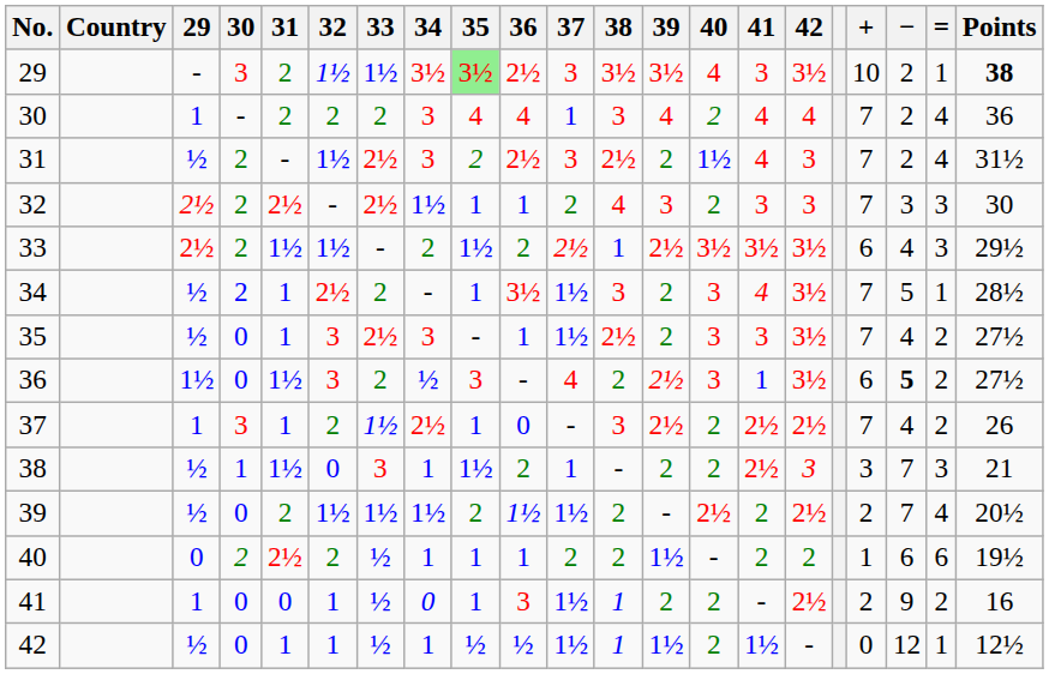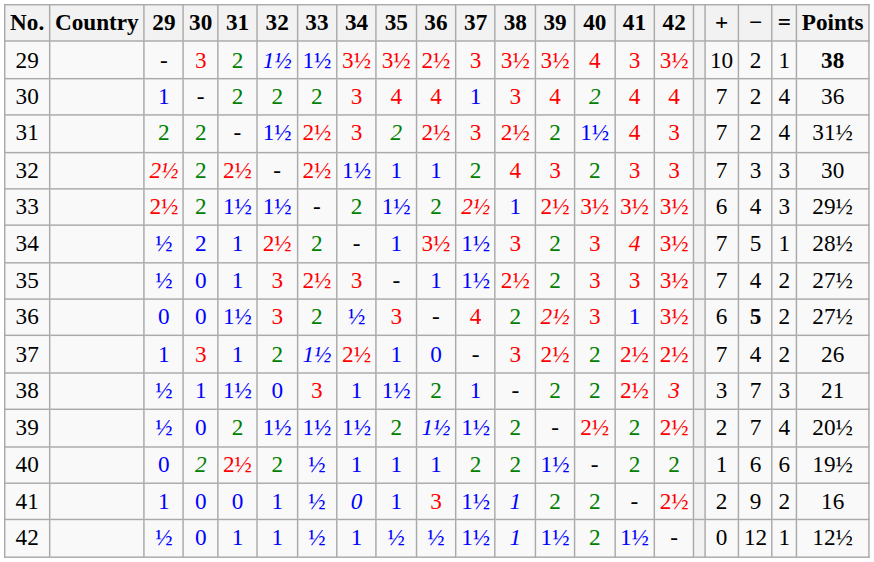 <table class="wikitable" style="text-align:center">
 <tr>
 <th>No.</th>
 <th>Country</th>
 <th>29</th>
 <th>30</th>
 <th>31</th>
 <th>32</th>
 <th>33</th>
 <th>34</th>
 <th>35</th>
 <th>36</th>
 <th>37</th>
 <th>38</th>
 <th>39</th>
 <th>40</th>
 <th>41</th>
 <th>42</th>
 <th></th>
 <th>+</th>
 <th>−</th>
 <th>=</th>
 <th>Points</th>
 </tr>
 <tr>
 <td>29</td>
 <td style="text-align: left"></td>
 <td>-</td>
 <td style="color:red;">3</td>
 <td style="color:green;">2</td>
 <td style="color:blue;"><em>1½</em></td>
 <td style="color:blue;">1½</td>
 <td style="color:red;">3½</td>
-<td style="background: lightgreen; color:red;">3½</td>
+<td style="color:red;">3½</td>
 <td style="color:red;">2½</td>
 <td style="color:red;">3</td>
 <td style="color:red;">3½</td>
 <td style="color:red;">3½</td>
 <td style="color:red;">4</td>
 <td style="color:red;">3</td>
 <td style="color:red;">3½</td>
 <th></th>
 <td>10</td>
 <td>2</td>
 <td>1</td>
 <td><strong>38</strong></td>
 </tr>
 <tr>
 <td>30</td>
 <td style="text-align: left"></td>
 <td style="color:blue;">1</td>
 <td>-</td>
 <td style="color:green;">2</td>
 <td style="color:green;">2</td>
 <td style="color:green;">2</td>
 <td style="color:red;">3</td>
 <td style="color:red;">4</td>
 <td style="color:red;">4</td>
 <td style="color:blue;">1</td>
 <td style="color:red;">3</td>
 <td style="color:red;">4</td>
 <td style="color:green;"><em>2</em></td>
 <td style="color:red;">4</td>
 <td style="color:red;">4</td>
 <th></th>
 <td>7</td>
 <td>2</td>
 <td>4</td>
 <td>36</td>
 </tr>
 <tr>
 <td>31</td>
 <td style="text-align: left"></td>
-<td style="color:blue;">½</td>
+<td style="color:green;">2</td>
 <td style="color:green;">2</td>
 <td>-</td>
 <td style="color:blue;">1½</td>
 <td style="color:red;">2½</td>
 <td style="color:red;">3</td>
 <td style="color:green;"><em>2</em></td>
 <td style="color:red;">2½</td>
 <td style="color:red;">3</td>
 <td style="color:red;">2½</td>
 <td style="color:green;">2</td>
 <td style="color:blue;">1½</td>
 <td style="color:red;">4</td>
 <td style="color:red;">3</td>
 <th></th>
 <td>7</td>
 <td>2</td>
 <td>4</td>
 <td>31½</td>
 </tr>
 <tr>
 <td>32</td>
 <td style="text-align: left"></td>
 <td style="color:red;"><em>2½</em></td>
 <td style="color:green;">2</td>
 <td style="color:red;">2½</td>
 <td>-</td>
 <td style="color:red;">2½</td>
 <td style="color:blue;">1½</td>
 <td style="color:blue;">1</td>
 <td style="color:blue;">1</td>
 <td style="color:green;">2</td>
 <td style="color:red;">4</td>
 <td style="color:red;">3</td>
 <td style="color:green;">2</td>
 <td style="color:red;">3</td>
 <td style="color:red;">3</td>
 <th></th>
 <td>7</td>
 <td>3</td>
 <td>3</td>
 <td>30</td>
 </tr>
 <tr>
 <td>33</td>
 <td style="text-align: left"></td>
 <td style="color:red;">2½</td>
 <td style="color:green;">2</td>
 <td style="color:blue;">1½</td>
 <td style="color:blue;">1½</td>
 <td>-</td>
 <td style="color:green;">2</td>
 <td style="color:blue;">1½</td>
 <td style="color:green;">2</td>
 <td style="color:red;"><em>2½</em></td>
 <td style="color:blue;">1</td>
 <td style="color:red;">2½</td>
 <td style="color:red;">3½</td>
 <td style="color:red;">3½</td>
 <td style="color:red;">3½</td>
 <th></th>
 <td>6</td>
 <td>4</td>
 <td>3</td>
 <td>29½</td>
 </tr>
 <tr>
 <td>34</td>
 <td style="text-align: left"></td>
 <td style="color:blue;">½</td>
 <td style="color:blue;">2</td>
 <td style="color:blue;">1</td>
 <td style="color:red;">2½</td>
 <td style="color:green;">2</td>
 <td>-</td>
 <td style="color:blue;">1</td>
 <td style="color:red;">3½</td>
 <td style="color:blue;">1½</td>
 <td style="color:red;">3</td>
 <td style="color:green;">2</td>
 <td style="color:red;">3</td>
 <td style="color:red;"><em>4</em></td>
 <td style="color:red;">3½</td>
 <th></th>
 <td>7</td>
 <td>5</td>
 <td>1</td>
 <td>28½</td>
 </tr>
 <tr>
 <td>35</td>
 <td style="text-align: left"></td>
 <td style="color:blue;">½</td>
 <td style="color:blue;">0</td>
 <td style="color:blue;">1</td>
 <td style="color:red;">3</td>
 <td style="color:red;">2½</td>
 <td style="color:red;">3</td>
 <td>-</td>
 <td style="color:blue;">1</td>
 <td style="color:blue;">1½</td>
 <td style="color:red;">2½</td>
 <td style="color:green;">2</td>
 <td style="color:red;">3</td>
 <td style="color:red;">3</td>
 <td style="color:red;">3½</td>
 <th></th>
 <td>7</td>
 <td>4</td>
 <td>2</td>
 <td>27½</td>
 </tr>
 <tr>
 <td>36</td>
 <td style="text-align: left"></td>
-<td style="color:blue;">1½</td>
+<td style="color:blue;">0</td>
 <td style="color:blue;">0</td>
 <td style="color:blue;">1½</td>
 <td style="color:red;">3</td>
 <td style="color:green;">2</td>
 <td style="color:blue;">½</td>
 <td style="color:red;">3</td>
 <td>-</td>
 <td style="color:red;">4</td>
 <td style="color:green;">2</td>
 <td style="color:red;"><em>2½</em></td>
 <td style="color:red;">3</td>
 <td style="color:blue;">1</td>
 <td style="color:red;">3½</td>
 <th></th>
 <td>6</td>
 <td><strong>5</strong></td>
 <td>2</td>
 <td>27½</td>
 </tr>
 <tr>
 <td>37</td>
 <td style="text-align: left"></td>
 <td style="color:blue;">1</td>
 <td style="color:red;">3</td>
 <td style="color:blue;">1</td>
 <td style="color:green;">2</td>
 <td style="color:blue;"><em>1½</em></td>
 <td style="color:red;">2½</td>
 <td style="color:blue;">1</td>
 <td style="color:blue;">0</td>
 <td>-</td>
 <td style="color:red;">3</td>
 <td style="color:red;">2½</td>
 <td style="color:green;">2</td>
 <td style="color:red;">2½</td>
 <td style="color:red;">2½</td>
 <th></th>
 <td>7</td>
 <td>4</td>
 <td>2</td>
 <td>26</td>
 </tr>
 <tr>
 <td>38</td>
 <td style="text-align: left"></td>
 <td style="color:blue;">½</td>
 <td style="color:blue;">1</td>
 <td style="color:blue;">1½</td>
 <td style="color:blue;">0</td>
 <td style="color:red;">3</td>
 <td style="color:blue;">1</td>
 <td style="color:blue;">1½</td>
 <td style="color:green;">2</td>
 <td style="color:blue;">1</td>
 <td>-</td>
 <td style="color:green;">2</td>
 <td style="color:green;">2</td>
 <td style="color:red;">2½</td>
 <td style="color:red;"><em>3</em></td>
 <th></th>
 <td>3</td>
 <td>7</td>
 <td>3</td>
 <td>21</td>
 </tr>
 <tr>
 <td>39</td>
 <td style="text-align: left"></td>
 <td style="color:blue;">½</td>
 <td style="color:blue;">0</td>
 <td style="color:green;">2</td>
 <td style="color:blue;">1½</td>
 <td style="color:blue;">1½</td>
 <td style="color:blue;">1½</td>
 <td style="color:green;">2</td>
 <td style="color:blue;"><em>1½</em></td>
 <td style="color:blue;">1½</td>
 <td style="color:green;">2</td>
 <td>-</td>
 <td style="color:red;">2½</td>
 <td style="color:green;">2</td>
 <td style="color:red;">2½</td>
 <th></th>
 <td>2</td>
 <td>7</td>
 <td>4</td>
 <td>20½</td>
 </tr>
 <tr>
 <td>40</td>
 <td style="text-align: left"></td>
 <td style="color:blue;">0</td>
 <td style="color:green;"><em>2</em></td>
 <td style="color:red;">2½</td>
 <td style="color:green;">2</td>
 <td style="color:blue;">½</td>
 <td style="color:blue;">1</td>
 <td style="color:blue;">1</td>
 <td style="color:blue;">1</td>
 <td style="color:green;">2</td>
 <td style="color:green;">2</td>
 <td style="color:blue;">1½</td>
 <td>-</td>
 <td style="color:green;">2</td>
 <td style="color:green;">2</td>
 <th></th>
 <td>1</td>
 <td>6</td>
 <td>6</td>
 <td>19½</td>
 </tr>
 <tr>
 <td>41</td>
 <td style="text-align: left"></td>
 <td style="color:blue;">1</td>
 <td style="color:blue;">0</td>
 <td style="color:blue;">0</td>
 <td style="color:blue;">1</td>
 <td style="color:blue;">½</td>
 <td style="color:blue;"><em>0</em></td>
 <td style="color:blue;">1</td>
 <td style="color:red;">3</td>
 <td style="color:blue;">1½</td>
 <td style="color:blue;"><em>1</em></td>
 <td style="color:green;">2</td>
 <td style="color:green;">2</td>
 <td>-</td>
 <td style="color:red;">2½</td>
 <th></th>
 <td>2</td>
 <td>9</td>
 <td>2</td>
 <td>16</td>
 </tr>
 <tr>
 <td>42</td>
 <td style="text-align: left"></td>
 <td style="color:blue;">½</td>
 <td style="color:blue;">0</td>
 <td style="color:blue;">1</td>
 <td style="color:blue;">1</td>
 <td style="color:blue;">½</td>
 <td style="color:blue;">1</td>
 <td style="color:blue;">½</td>
 <td style="color:blue;">½</td>
 <td style="color:blue;">1½</td>
 <td style="color:blue;"><em>1</em></td>
 <td style="color:blue;">1½</td>
 <td style="color:green;">2</td>
 <td style="color:blue;">1½</td>
 <td>-</td>
 <th></th>
 <td>0</td>
 <td>12</td>
 <td>1</td>
 <td>12½</td>
 </tr>
 </table>
